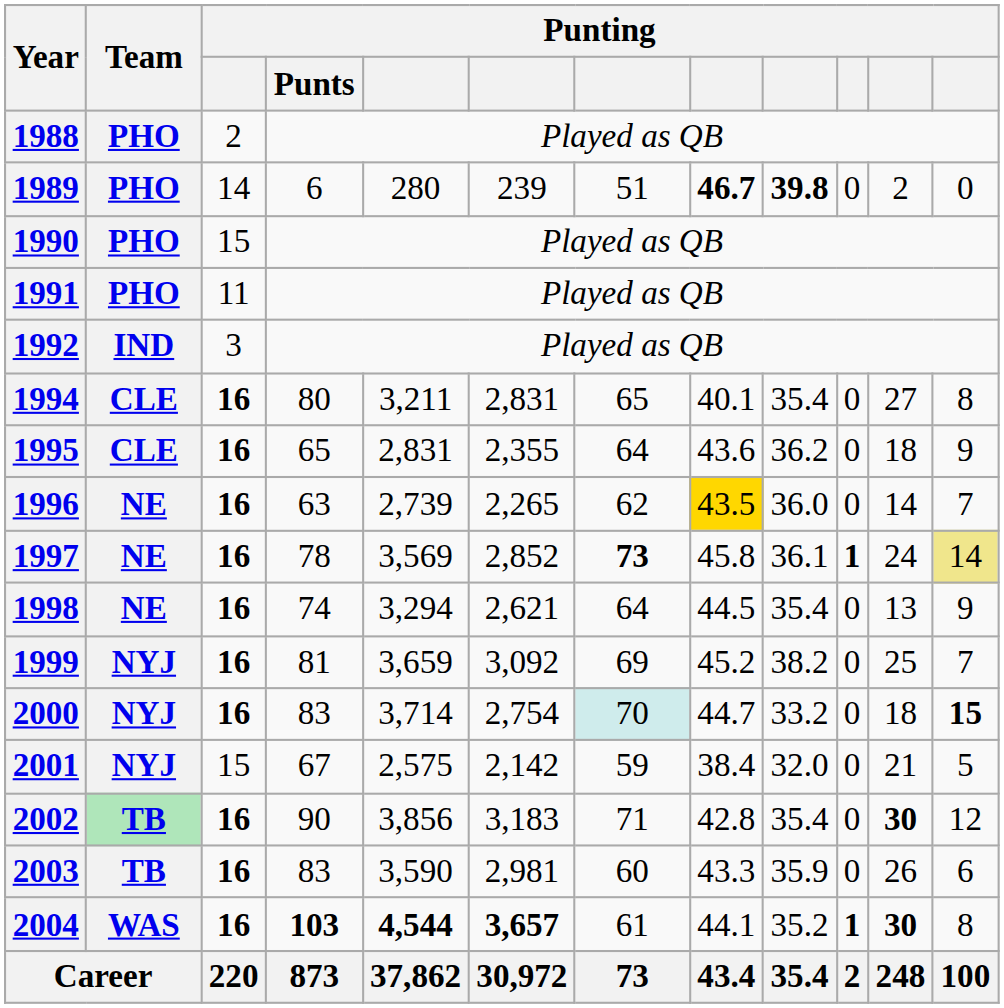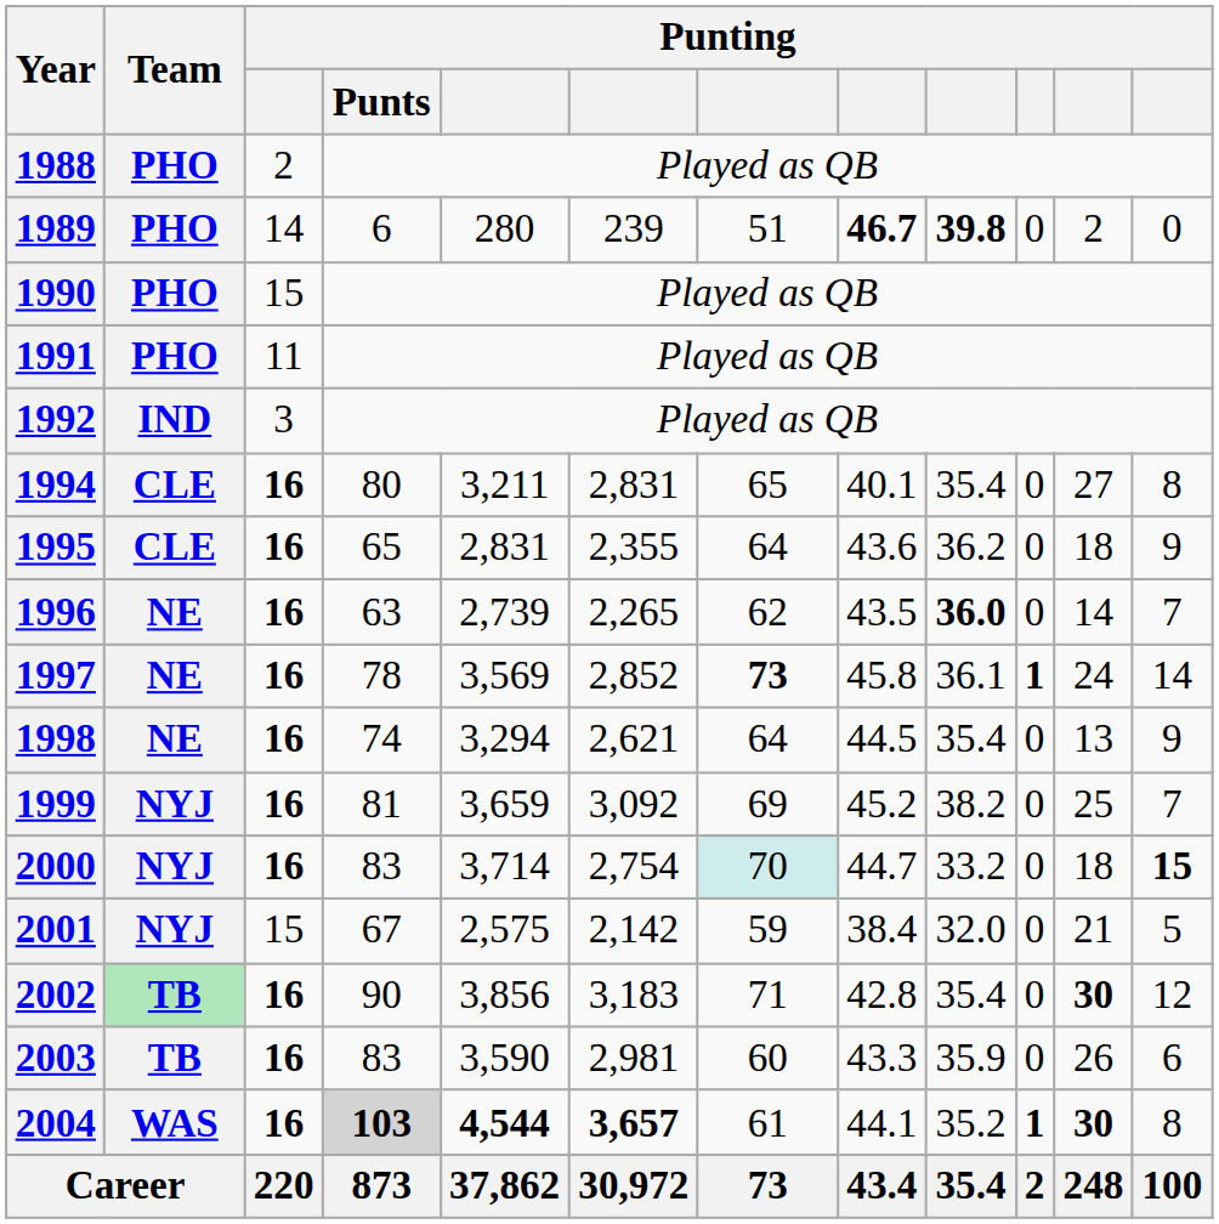 <table class=wikitable style="text-align:center;">
 <tr>
 <th rowspan="2">Year</th>
 <th rowspan="2">Team</th>
 <th colspan="10">Punting</th>
 </tr>
 <tr>
 <th></th>
 <th>Punts</th>
 <th></th>
 <th></th>
 <th></th>
 <th></th>
 <th></th>
 <th></th>
 <th></th>
 <th></th>
 </tr>
 <tr>
 <th><a href='#'>1988</a></th>
 <th><a href='#'>PHO</a></th>
 <td>2</td>
 <td colspan="9"><em>Played as QB</em></td>
 </tr>
 <tr>
 <th><a href='#'>1989</a></th>
 <th><a href='#'>PHO</a></th>
 <td>14</td>
 <td>6</td>
 <td>280</td>
 <td>239</td>
 <td>51</td>
 <td><strong>46.7</strong></td>
 <td><strong>39.8</strong></td>
 <td>0</td>
 <td>2</td>
 <td>0</td>
 </tr>
 <tr>
 <th><a href='#'>1990</a></th>
 <th><a href='#'>PHO</a></th>
 <td>15</td>
 <td colspan="9"><em>Played as QB</em></td>
 </tr>
 <tr>
 <th><a href='#'>1991</a></th>
 <th><a href='#'>PHO</a></th>
 <td>11</td>
 <td colspan="9"><em>Played as QB</em></td>
 </tr>
 <tr>
 <th><a href='#'>1992</a></th>
 <th><a href='#'>IND</a></th>
 <td>3</td>
 <td colspan="9"><em>Played as QB</em></td>
 </tr>
 <tr>
 <th><a href='#'>1994</a></th>
 <th><a href='#'>CLE</a></th>
 <td><strong>16</strong></td>
 <td>80</td>
 <td>3,211</td>
 <td>2,831</td>
 <td>65</td>
 <td>40.1</td>
 <td>35.4</td>
 <td>0</td>
 <td>27</td>
 <td>8</td>
 </tr>
 <tr>
 <th><a href='#'>1995</a></th>
 <th><a href='#'>CLE</a></th>
 <td><strong>16</strong></td>
 <td>65</td>
 <td>2,831</td>
 <td>2,355</td>
 <td>64</td>
 <td>43.6</td>
 <td>36.2</td>
 <td>0</td>
 <td>18</td>
 <td>9</td>
 </tr>
 <tr>
 <th><a href='#'>1996</a></th>
 <th><a href='#'>NE</a></th>
 <td><strong>16</strong></td>
 <td>63</td>
 <td>2,739</td>
 <td>2,265</td>
 <td>62</td>
-<td style="background: gold;">43.5</td>
-<td>36.0</td>
+<td>43.5</td>
+<td><strong>36.0</strong></td>
 <td>0</td>
 <td>14</td>
 <td>7</td>
 </tr>
 <tr>
 <th><a href='#'>1997</a></th>
 <th><a href='#'>NE</a></th>
 <td><strong>16</strong></td>
 <td>78</td>
 <td>3,569</td>
 <td>2,852</td>
 <td><strong>73</strong></td>
 <td>45.8</td>
 <td>36.1</td>
 <td><strong>1</strong></td>
 <td>24</td>
-<td style="background: khaki;">14</td>
+<td>14</td>
 </tr>
 <tr>
 <th><a href='#'>1998</a></th>
 <th><a href='#'>NE</a></th>
 <td><strong>16</strong></td>
 <td>74</td>
 <td>3,294</td>
 <td>2,621</td>
 <td>64</td>
 <td>44.5</td>
 <td>35.4</td>
 <td>0</td>
 <td>13</td>
 <td>9</td>
 </tr>
 <tr>
 <th><a href='#'>1999</a></th>
 <th><a href='#'>NYJ</a></th>
 <td><strong>16</strong></td>
 <td>81</td>
 <td>3,659</td>
 <td>3,092</td>
 <td>69</td>
 <td>45.2</td>
 <td>38.2</td>
 <td>0</td>
 <td>25</td>
 <td>7</td>
 </tr>
 <tr>
 <th><a href='#'>2000</a></th>
 <th><a href='#'>NYJ</a></th>
 <td><strong>16</strong></td>
 <td>83</td>
 <td>3,714</td>
 <td>2,754</td>
 <td style="background:#cfecec; width:3em;">70</td>
 <td>44.7</td>
 <td>33.2</td>
 <td>0</td>
 <td>18</td>
 <td><strong>15</strong></td>
 </tr>
 <tr>
 <th><a href='#'>2001</a></th>
 <th><a href='#'>NYJ</a></th>
 <td>15</td>
 <td>67</td>
 <td>2,575</td>
 <td>2,142</td>
 <td>59</td>
 <td>38.4</td>
 <td>32.0</td>
 <td>0</td>
 <td>21</td>
 <td>5</td>
 </tr>
 <tr>
 <th><a href='#'>2002</a></th>
 <th style="background:#afe6ba; width:3em;"><a href='#'>TB</a></th>
 <td><strong>16</strong></td>
 <td>90</td>
 <td>3,856</td>
 <td>3,183</td>
 <td>71</td>
 <td>42.8</td>
 <td>35.4</td>
 <td>0</td>
 <td><strong>30</strong></td>
 <td>12</td>
 </tr>
 <tr>
 <th><a href='#'>2003</a></th>
 <th><a href='#'>TB</a></th>
 <td><strong>16</strong></td>
 <td>83</td>
 <td>3,590</td>
 <td>2,981</td>
 <td>60</td>
 <td>43.3</td>
 <td>35.9</td>
 <td>0</td>
 <td>26</td>
 <td>6</td>
 </tr>
 <tr>
 <th><a href='#'>2004</a></th>
 <th><a href='#'>WAS</a></th>
 <td><strong>16</strong></td>
-<td><strong>103</strong></td>
+<td style="background: lightgrey;"><strong>103</strong></td>
 <td><strong>4,544</strong></td>
 <td><strong>3,657</strong></td>
 <td>61</td>
 <td>44.1</td>
 <td>35.2</td>
 <td><strong>1</strong></td>
 <td><strong>30</strong></td>
 <td>8</td>
 </tr>
 <tr>
 <th colspan="2">Career</th>
 <th>220</th>
 <th>873</th>
 <th>37,862</th>
 <th>30,972</th>
 <th>73</th>
 <th>43.4</th>
 <th>35.4</th>
 <th>2</th>
 <th>248</th>
 <th>100</th>
 </tr>
 </table>
